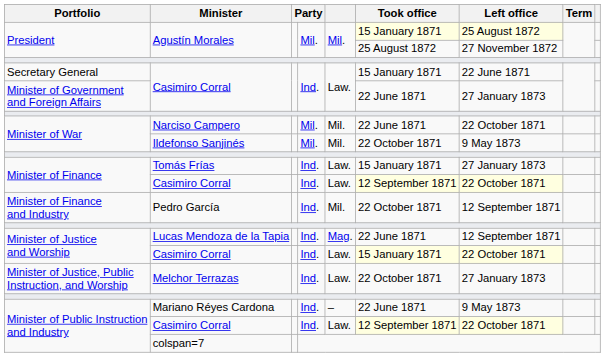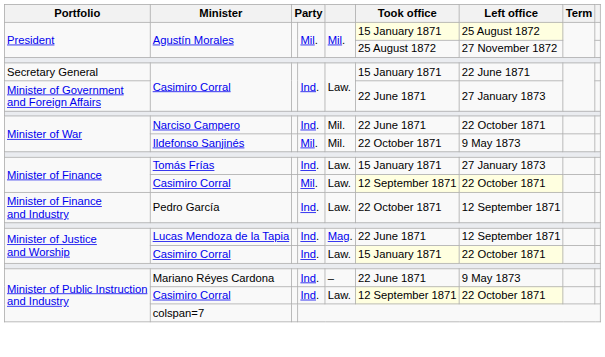 <table class="wikitable" style="font-size:90%;">
 <tr>
 <th>Portfolio</th>
 <th>Minister</th>
 <th colspan="2">Party</th>
 <th></th>
 <th>Took office</th>
 <th>Left office</th>
 <th>Term</th>
 <th></th>
 </tr>
 <tr>
 <td rowspan=2><a href='#'>President</a></td>
 <td rowspan=2><a href='#'>Agustín Morales</a></td>
 <td rowspan=2 style="background-color:"></td>
 <td rowspan=2><a href='#'>Mil</a>.</td>
 <td rowspan=2><a href='#'>Mil</a>.</td>
 <td style="background-color:#FFFFE0;">15 January 1871</td>
 <td style="background-color:#FFFFE0;">25 August 1872</td>
 <td rowspan=2></td>
 <td></td>
 </tr>
 <tr>
 <td>25 August 1872</td>
 <td>27 November 1872</td>
 <td></td>
 </tr>
 <tr>
 <td colspan="9" bgcolor="#EAECF0"></td>
 </tr>
 <tr>
 <td>Secretary General</td>
 <td rowspan=2><a href='#'>Casimiro Corral</a></td>
 <td rowspan=2 style="background-color:"></td>
 <td rowspan=2><a href='#'>Ind</a>.</td>
 <td rowspan=2>Law.</td>
 <td>15 January 1871</td>
 <td>22 June 1871</td>
 <td rowspan=2></td>
 <td></td>
 </tr>
 <tr>
 <td><a href='#'>Minister of Government<br>and Foreign Affairs</a></td>
 <td>22 June 1871</td>
 <td>27 January 1873</td>
 <td></td>
 </tr>
 <tr>
 <td colspan="9" bgcolor="#EAECF0"></td>
 </tr>
 <tr>
 <td rowspan=2><a href='#'>Minister of War</a></td>
 <td><a href='#'>Narciso Campero</a></td>
 <td style="background-color:"></td>
-<td><a href='#'>Mil</a>.</td>
+<td><a href='#'>Ind</a>.</td>
 <td>Mil.</td>
 <td>22 June 1871</td>
 <td>22 October 1871</td>
 <td></td>
 <td></td>
 </tr>
 <tr>
 <td><a href='#'>Ildefonso Sanjinés</a></td>
 <td style="background-color:"></td>
 <td><a href='#'>Mil</a>.</td>
 <td>Mil.</td>
 <td>22 October 1871</td>
 <td>9 May 1873</td>
 <td></td>
 <td></td>
 </tr>
 <tr>
 <td colspan="9" bgcolor="#EAECF0"></td>
 </tr>
 <tr>
 <td rowspan=2><a href='#'>Minister of Finance</a></td>
 <td><a href='#'>Tomás Frías</a></td>
 <td style="background-color:"></td>
 <td><a href='#'>Ind</a>.</td>
 <td>Law.</td>
 <td>15 January 1871</td>
 <td>27 January 1873</td>
 <td></td>
 <td></td>
 </tr>
 <tr>
 <td><a href='#'>Casimiro Corral</a></td>
 <td style="background-color:"></td>
-<td><a href='#'>Ind</a>.</td>
+<td><a href='#'>Mil</a>.</td>
 <td>Law.</td>
 <td style="background-color:#FFFFE0;">12 September 1871</td>
 <td style="background-color:#FFFFE0;">22 October 1871</td>
 <td></td>
 <td></td>
 </tr>
 <tr>
 <td><a href='#'>Minister of Finance<br>and Industry</a></td>
 <td>Pedro García</td>
 <td style="background-color:"></td>
 <td><a href='#'>Ind</a>.</td>
-<td>Mil.</td>
+<td>Law.</td>
 <td>22 October 1871</td>
 <td>12 September 1871</td>
 <td></td>
 <td></td>
 </tr>
 <tr>
 <td colspan="9" bgcolor="#EAECF0"></td>
 </tr>
 <tr>
 <td rowspan=2><a href='#'>Minister of Justice<br>and Worship</a></td>
 <td><a href='#'>Lucas Mendoza de la Tapia</a></td>
 <td style="background-color:"></td>
 <td><a href='#'>Ind</a>.</td>
 <td><a href='#'>Mag</a>.</td>
 <td>22 June 1871</td>
 <td>12 September 1871</td>
 <td></td>
 <td></td>
 </tr>
 <tr>
 <td><a href='#'>Casimiro Corral</a></td>
 <td style="background-color:"></td>
 <td><a href='#'>Ind</a>.</td>
 <td>Law.</td>
 <td style="background-color:#FFFFE0;">15 January 1871</td>
 <td style="background-color:#FFFFE0;">22 October 1871</td>
-<td></td>
-<td></td>
-</tr>
-<tr>
-<td><a href='#'>Minister of Justice, Public<br>Instruction, and Worship</a></td>
-<td><a href='#'>Melchor Terrazas</a></td>
-<td style="background-color:"></td>
-<td><a href='#'>Ind</a>.</td>
-<td>Law.</td>
-<td>22 October 1871</td>
-<td>27 January 1873</td>
 <td></td>
 <td></td>
 </tr>
 <tr>
 <td colspan="9" bgcolor="#EAECF0"></td>
 </tr>
 <tr>
 <td rowspan=3><a href='#'>Minister of Public Instruction<br>and Industry</a></td>
 <td>Mariano Réyes Cardona</td>
 <td style="background-color:"></td>
 <td><a href='#'>Ind</a>.</td>
 <td>–</td>
 <td>22 June 1871</td>
 <td>9 May 1873</td>
 <td></td>
 <td></td>
 </tr>
 <tr>
 <td><a href='#'>Casimiro Corral</a></td>
 <td style="background-color:"></td>
 <td><a href='#'>Ind</a>.</td>
 <td>Law.</td>
 <td style="background-color:#FFFFE0;">12 September 1871</td>
 <td style="background-color:#FFFFE0;">22 October 1871</td>
 <td></td>
 <td></td>
 </tr>
 <tr>
 <td>colspan=7 </td>
 <td></td>
 </tr>
 </table>
